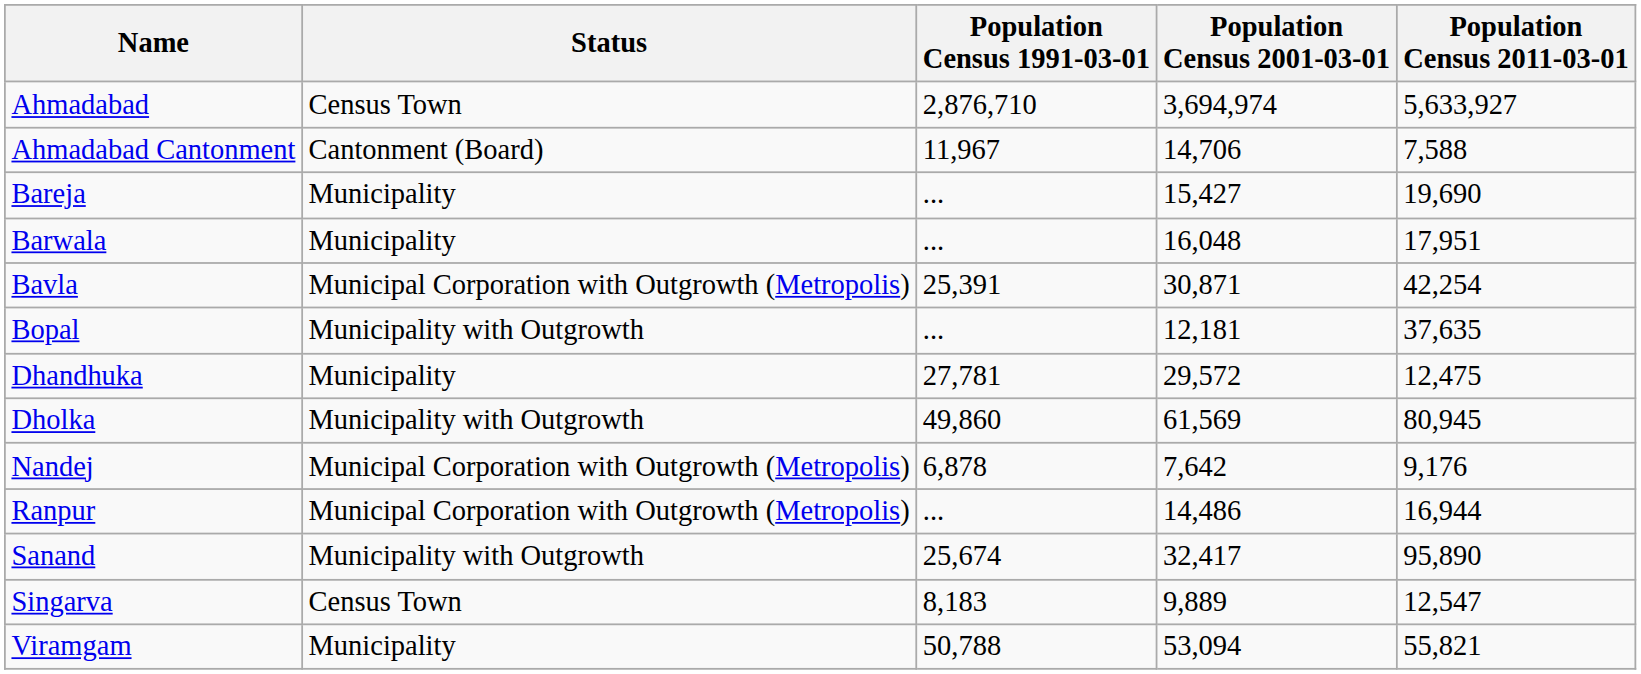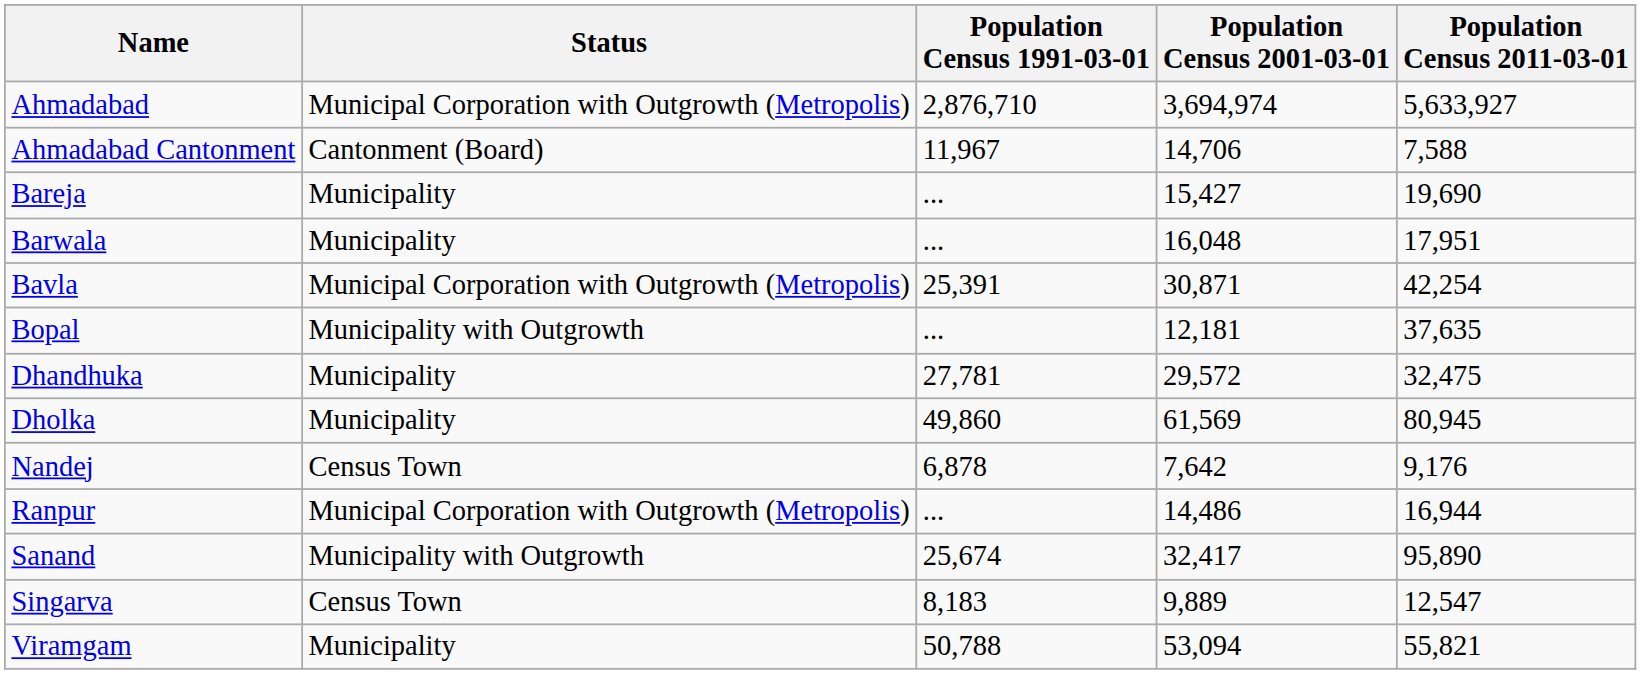 <table class="wikitable">
 <tr>
 <th>Name</th>
 <th>Status</th>
 <th>Population<br>Census 1991-03-01</th>
 <th>Population<br>Census 2001-03-01</th>
 <th>Population<br>Census 2011-03-01</th>
 </tr>
 <tr>
 <td><a href='#'>Ahmadabad</a></td>
-<td>Census Town</td>
+<td>Municipal Corporation with Outgrowth (<a href='#'>Metropolis</a>)</td>
 <td>2,876,710</td>
 <td>3,694,974</td>
 <td>5,633,927</td>
 </tr>
 <tr>
 <td><a href='#'>Ahmadabad Cantonment</a></td>
 <td>Cantonment (Board)</td>
 <td>11,967</td>
 <td>14,706</td>
 <td>7,588</td>
 </tr>
 <tr>
 <td><a href='#'>Bareja</a></td>
 <td>Municipality</td>
 <td>...</td>
 <td>15,427</td>
 <td>19,690</td>
 </tr>
 <tr>
 <td><a href='#'>Barwala</a></td>
 <td>Municipality</td>
 <td>...</td>
 <td>16,048</td>
 <td>17,951</td>
 </tr>
 <tr>
 <td><a href='#'>Bavla</a></td>
 <td>Municipal Corporation with Outgrowth (<a href='#'>Metropolis</a>)</td>
 <td>25,391</td>
 <td>30,871</td>
 <td>42,254</td>
 </tr>
 <tr>
 <td><a href='#'>Bopal</a></td>
 <td>Municipality with Outgrowth</td>
 <td>...</td>
 <td>12,181</td>
 <td>37,635</td>
 </tr>
 <tr>
 <td><a href='#'>Dhandhuka</a></td>
 <td>Municipality</td>
 <td>27,781</td>
 <td>29,572</td>
-<td>12,475</td>
+<td>32,475</td>
 </tr>
 <tr>
 <td><a href='#'>Dholka</a></td>
-<td>Municipality with Outgrowth</td>
+<td>Municipality</td>
 <td>49,860</td>
 <td>61,569</td>
 <td>80,945</td>
 </tr>
 <tr>
 <td><a href='#'>Nandej</a></td>
-<td>Municipal Corporation with Outgrowth (<a href='#'>Metropolis</a>)</td>
+<td>Census Town</td>
 <td>6,878</td>
 <td>7,642</td>
 <td>9,176</td>
 </tr>
 <tr>
 <td><a href='#'>Ranpur</a></td>
 <td>Municipal Corporation with Outgrowth (<a href='#'>Metropolis</a>)</td>
 <td>...</td>
 <td>14,486</td>
 <td>16,944</td>
 </tr>
 <tr>
 <td><a href='#'>Sanand</a></td>
 <td>Municipality with Outgrowth</td>
 <td>25,674</td>
 <td>32,417</td>
 <td>95,890</td>
 </tr>
 <tr>
 <td><a href='#'>Singarva</a></td>
 <td>Census Town</td>
 <td>8,183</td>
 <td>9,889</td>
 <td>12,547</td>
 </tr>
 <tr>
 <td><a href='#'>Viramgam</a></td>
 <td>Municipality</td>
 <td>50,788</td>
 <td>53,094</td>
 <td>55,821</td>
 </tr>
 </table>
